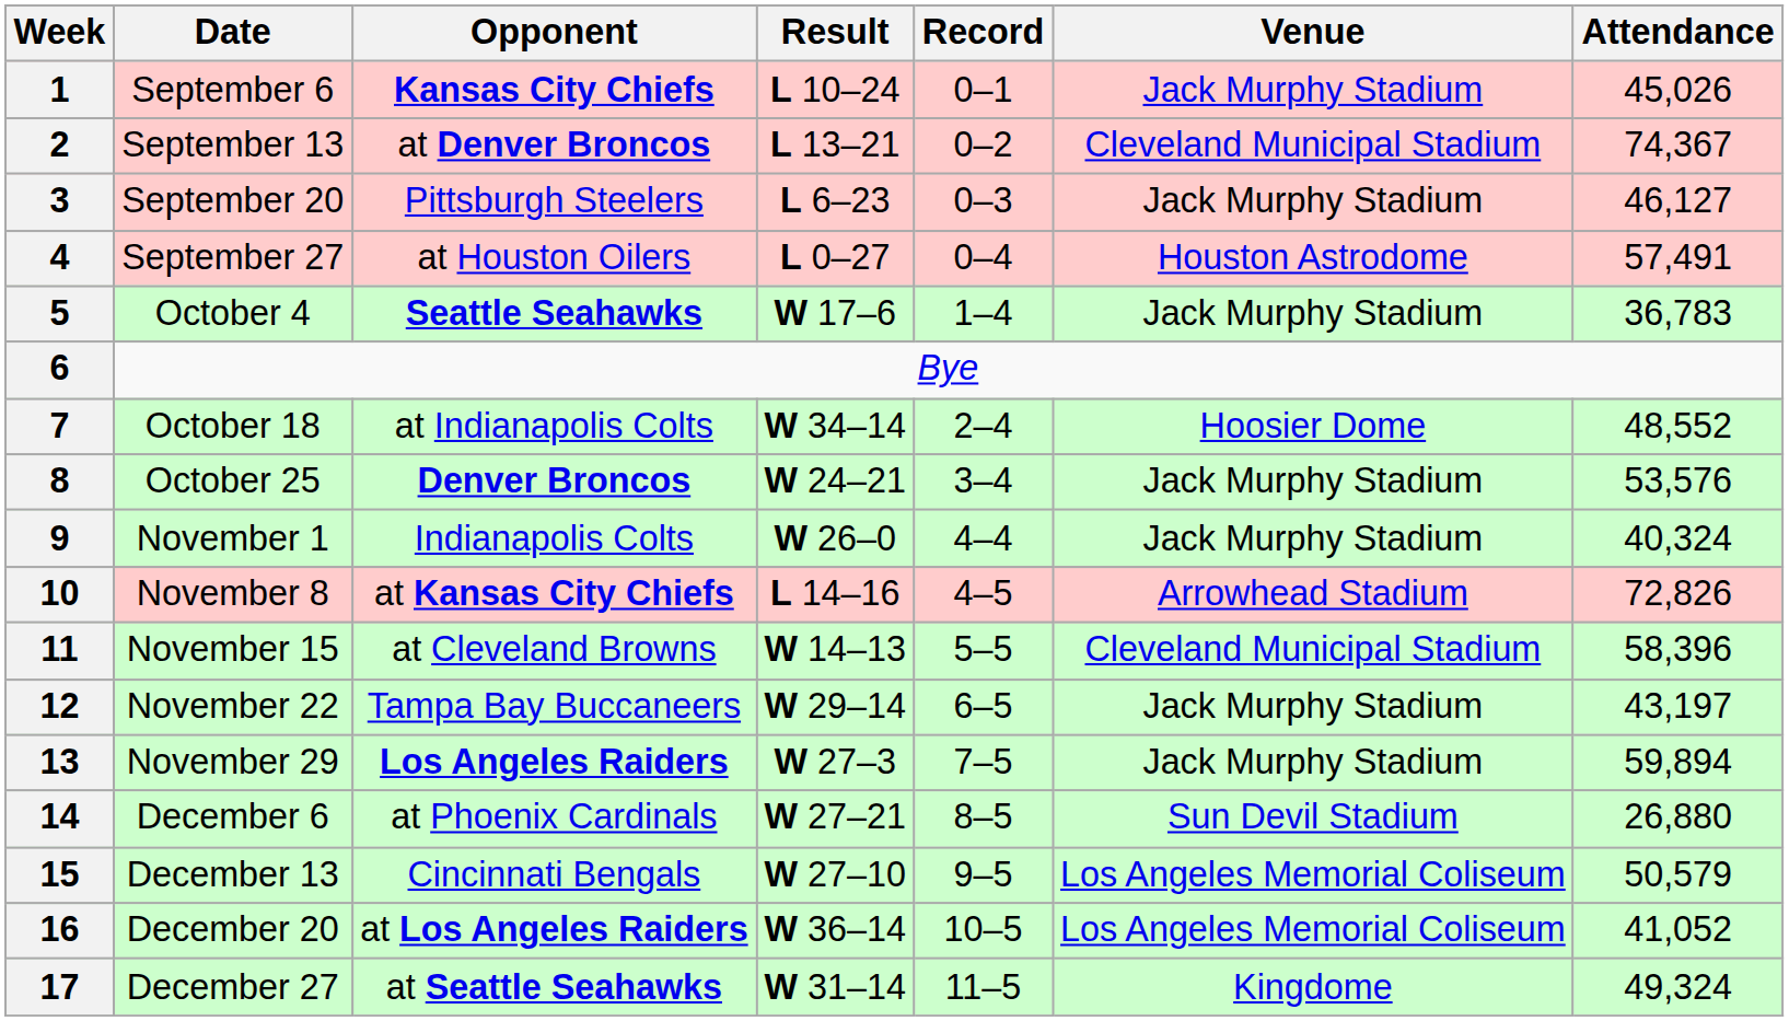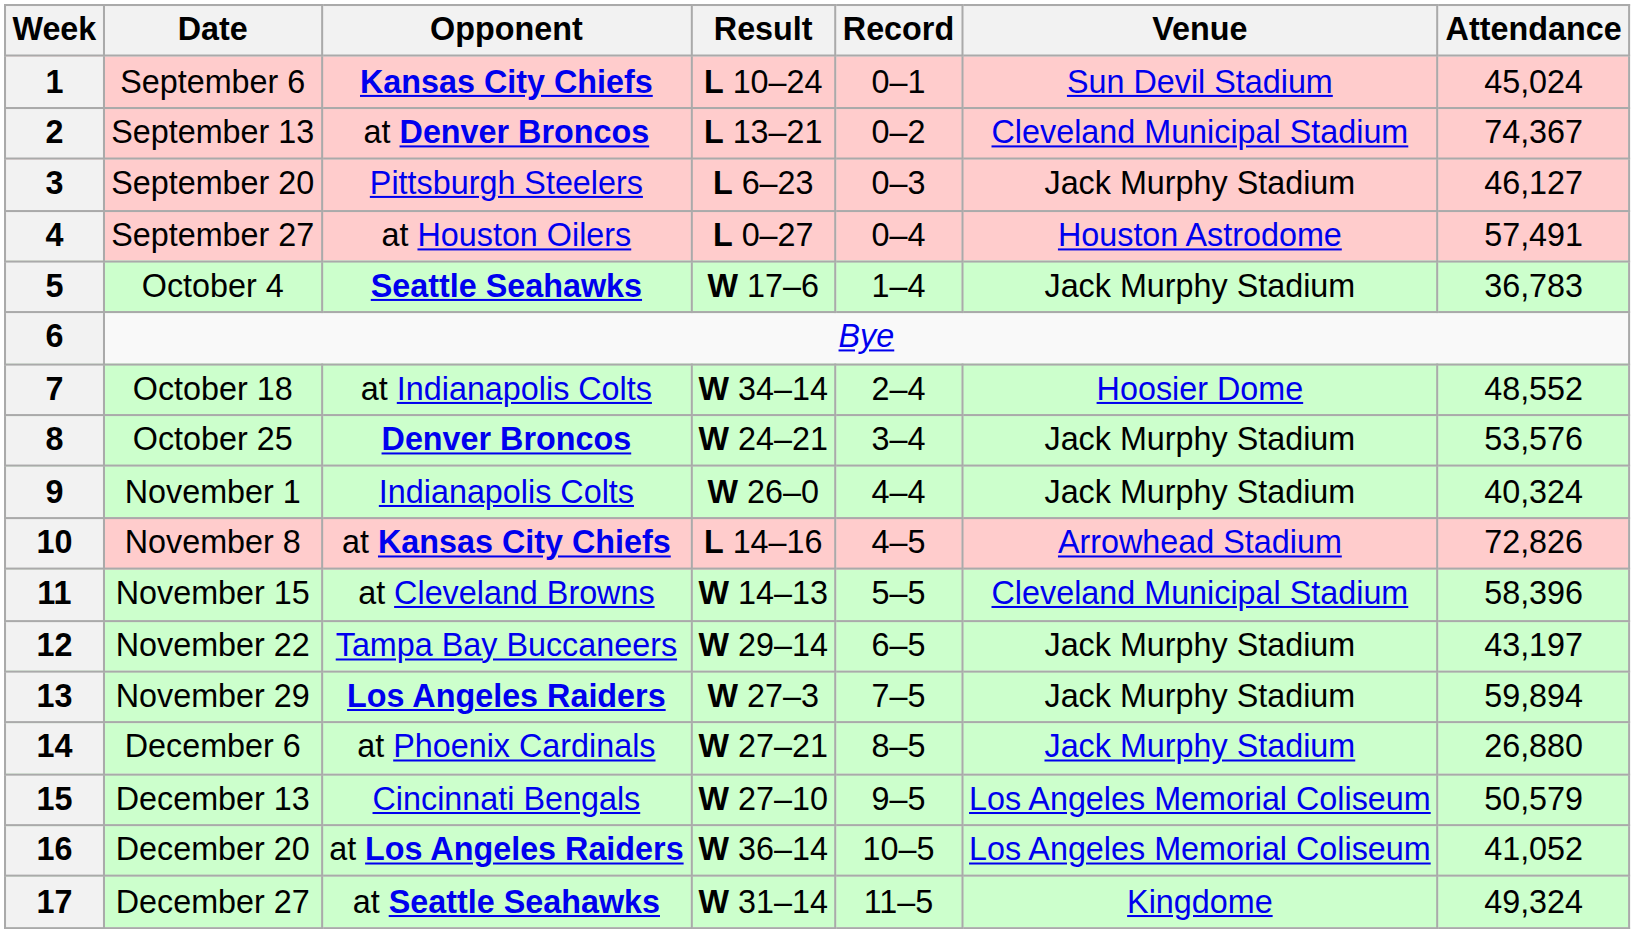 <table class="wikitable" style="text-align:center">
 <tr>
 <th>Week</th>
 <th>Date</th>
 <th>Opponent</th>
 <th>Result</th>
 <th>Record</th>
 <th>Venue</th>
 <th>Attendance</th>
 </tr>
 <tr style="background:#fcc">
 <th>1</th>
 <td>September 6</td>
 <td><strong><a href='#'>Kansas City Chiefs</a></strong></td>
 <td><strong>L</strong> 10–24</td>
 <td>0–1</td>
-<td><a href='#'>Jack Murphy Stadium</a></td>
-<td>45,026</td>
+<td><a href='#'>Sun Devil Stadium</a></td>
+<td>45,024</td>
 </tr>
 <tr style="background:#fcc">
 <th>2</th>
 <td>September 13</td>
 <td>at <strong><a href='#'>Denver Broncos</a></strong></td>
 <td><strong>L</strong> 13–21</td>
 <td>0–2</td>
 <td><a href='#'>Cleveland Municipal Stadium</a></td>
 <td>74,367</td>
 </tr>
 <tr style="background:#fcc">
 <th>3</th>
 <td>September 20</td>
 <td><a href='#'>Pittsburgh Steelers</a></td>
 <td><strong>L</strong> 6–23</td>
 <td>0–3</td>
 <td>Jack Murphy Stadium</td>
 <td>46,127</td>
 </tr>
 <tr style="background:#fcc">
 <th>4</th>
 <td>September 27</td>
 <td>at <a href='#'>Houston Oilers</a></td>
 <td><strong>L</strong> 0–27</td>
 <td>0–4</td>
 <td><a href='#'>Houston Astrodome</a></td>
 <td>57,491</td>
 </tr>
 <tr style="background:#cfc">
 <th>5</th>
 <td>October 4</td>
 <td><strong><a href='#'>Seattle Seahawks</a></strong></td>
 <td><strong>W</strong> 17–6</td>
 <td>1–4</td>
 <td>Jack Murphy Stadium</td>
 <td>36,783</td>
 </tr>
 <tr>
 <th>6</th>
 <td colspan="7"><em><a href='#'>Bye</a></em></td>
 </tr>
 <tr style="background:#cfc">
 <th>7</th>
 <td>October 18</td>
 <td>at <a href='#'>Indianapolis Colts</a></td>
 <td><strong>W</strong> 34–14</td>
 <td>2–4</td>
 <td><a href='#'>Hoosier Dome</a></td>
 <td>48,552</td>
 </tr>
 <tr style="background:#cfc">
 <th>8</th>
 <td>October 25</td>
 <td><strong><a href='#'>Denver Broncos</a></strong></td>
 <td><strong>W</strong> 24–21</td>
 <td>3–4</td>
 <td>Jack Murphy Stadium</td>
 <td>53,576</td>
 </tr>
 <tr style="background:#cfc">
 <th>9</th>
 <td>November 1</td>
 <td><a href='#'>Indianapolis Colts</a></td>
 <td><strong>W</strong> 26–0</td>
 <td>4–4</td>
 <td>Jack Murphy Stadium</td>
 <td>40,324</td>
 </tr>
 <tr style="background:#fcc">
 <th>10</th>
 <td>November 8</td>
 <td>at <strong><a href='#'>Kansas City Chiefs</a></strong></td>
 <td><strong>L</strong> 14–16</td>
 <td>4–5</td>
 <td><a href='#'>Arrowhead Stadium</a></td>
 <td>72,826</td>
 </tr>
 <tr style="background:#cfc">
 <th>11</th>
 <td>November 15</td>
 <td>at <a href='#'>Cleveland Browns</a></td>
 <td><strong>W</strong> 14–13</td>
 <td>5–5</td>
 <td><a href='#'>Cleveland Municipal Stadium</a></td>
 <td>58,396</td>
 </tr>
 <tr style="background:#cfc">
 <th>12</th>
 <td>November 22</td>
 <td><a href='#'>Tampa Bay Buccaneers</a></td>
 <td><strong>W</strong> 29–14</td>
 <td>6–5</td>
 <td>Jack Murphy Stadium</td>
 <td>43,197</td>
 </tr>
 <tr style="background:#cfc">
 <th>13</th>
 <td>November 29</td>
 <td><strong><a href='#'>Los Angeles Raiders</a></strong></td>
 <td><strong>W</strong> 27–3</td>
 <td>7–5</td>
 <td>Jack Murphy Stadium</td>
 <td>59,894</td>
 </tr>
 <tr style="background:#cfc">
 <th>14</th>
 <td>December 6</td>
 <td>at <a href='#'>Phoenix Cardinals</a></td>
 <td><strong>W</strong> 27–21</td>
 <td>8–5</td>
-<td><a href='#'>Sun Devil Stadium</a></td>
+<td><a href='#'>Jack Murphy Stadium</a></td>
 <td>26,880</td>
 </tr>
 <tr style="background:#cfc">
 <th>15</th>
 <td>December 13</td>
 <td><a href='#'>Cincinnati Bengals</a></td>
 <td><strong>W</strong> 27–10</td>
 <td>9–5</td>
 <td><a href='#'>Los Angeles Memorial Coliseum</a></td>
 <td>50,579</td>
 </tr>
 <tr style="background:#cfc">
 <th>16</th>
 <td>December 20</td>
 <td>at <strong><a href='#'>Los Angeles Raiders</a></strong></td>
 <td><strong>W</strong> 36–14</td>
 <td>10–5</td>
 <td><a href='#'>Los Angeles Memorial Coliseum</a></td>
 <td>41,052</td>
 </tr>
 <tr style="background:#cfc">
 <th>17</th>
 <td>December 27</td>
 <td>at <strong><a href='#'>Seattle Seahawks</a></strong></td>
 <td><strong>W</strong> 31–14</td>
 <td>11–5</td>
 <td><a href='#'>Kingdome</a></td>
 <td>49,324</td>
 </tr>
 </table>
